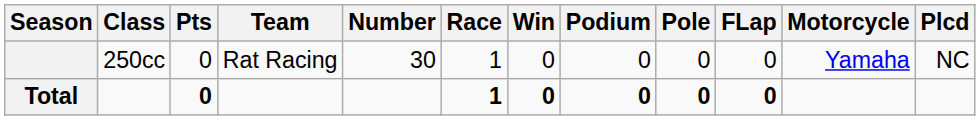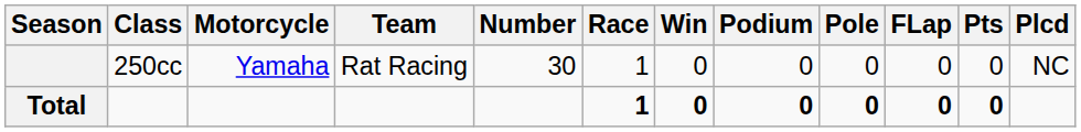 <table class="wikitable">
 <tr>
 <th>Season</th>
 <th>Class</th>
-<th>Pts</th>
+<th>Motorcycle</th>
 <th>Team</th>
 <th>Number</th>
 <th>Race</th>
 <th>Win</th>
 <th>Podium</th>
 <th>Pole</th>
 <th>FLap</th>
-<th>Motorcycle</th>
+<th>Pts</th>
 <th>Plcd</th>
 </tr>
 <tr align="right">
 <th></th>
 <td>250cc</td>
-<td>0</td>
+<td><a href='#'>Yamaha</a></td>
 <td>Rat Racing</td>
 <td>30</td>
 <td>1</td>
 <td>0</td>
 <td>0</td>
 <td>0</td>
 <td>0</td>
-<td><a href='#'>Yamaha</a></td>
+<td>0</td>
 <td>NC</td>
 </tr>
 <tr align="right">
 <th>Total</th>
 <td></td>
-<td><strong>0</strong></td>
+<td></td>
 <td></td>
 <td></td>
 <td><strong>1</strong></td>
 <td><strong>0</strong></td>
 <td><strong>0</strong></td>
 <td><strong>0</strong></td>
 <td><strong>0</strong></td>
-<td></td>
+<td><strong>0</strong></td>
 <td></td>
 </tr>
 </table>
